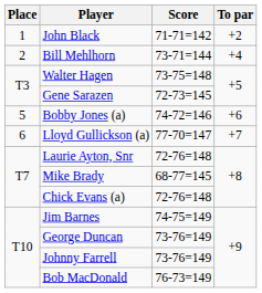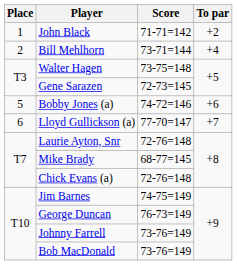 <table class=wikitable>
 <tr>
 <th>Place</th>
 <th>Player</th>
 <th>Score</th>
 <th>To par</th>
 </tr>
 <tr>
 <td align=center>1</td>
 <td> <a href='#'>John Black</a></td>
 <td>71-71=142</td>
 <td align=center>+2</td>
 </tr>
 <tr>
 <td align=center>2</td>
 <td> <a href='#'>Bill Mehlhorn</a></td>
 <td>73-71=144</td>
 <td align=center>+4</td>
 </tr>
 <tr>
 <td rowspan=2 align=center>T3</td>
 <td> <a href='#'>Walter Hagen</a></td>
 <td>73-75=148</td>
 <td rowspan=2 align=center>+5</td>
 </tr>
 <tr>
 <td> <a href='#'>Gene Sarazen</a></td>
 <td>72-73=145</td>
 </tr>
 <tr>
 <td align=center>5</td>
 <td> <a href='#'>Bobby Jones</a> (a)</td>
 <td>74-72=146</td>
 <td align=center>+6</td>
 </tr>
 <tr>
 <td align=center>6</td>
 <td> <a href='#'>Lloyd Gullickson</a> (a)</td>
 <td>77-70=147</td>
 <td align=center>+7</td>
 </tr>
 <tr>
 <td rowspan=3 align=center>T7</td>
 <td> <a href='#'>Laurie Ayton, Snr</a></td>
 <td>72-76=148</td>
 <td rowspan=3 align=center>+8</td>
 </tr>
 <tr>
 <td> <a href='#'>Mike Brady</a></td>
 <td>68-77=145</td>
 </tr>
 <tr>
 <td> <a href='#'>Chick Evans</a> (a)</td>
 <td>72-76=148</td>
 </tr>
 <tr>
 <td rowspan=4 align=center>T10</td>
 <td> <a href='#'>Jim Barnes</a></td>
 <td>74-75=149</td>
 <td rowspan=4 align=center>+9</td>
 </tr>
 <tr>
 <td> <a href='#'>George Duncan</a></td>
-<td>73-76=149</td>
+<td>76-73=149</td>
 </tr>
 <tr>
 <td> <a href='#'>Johnny Farrell</a></td>
 <td>73-76=149</td>
 </tr>
 <tr>
 <td> <a href='#'>Bob MacDonald</a></td>
-<td>76-73=149</td>
+<td>73-76=149</td>
 </tr>
 </table>
